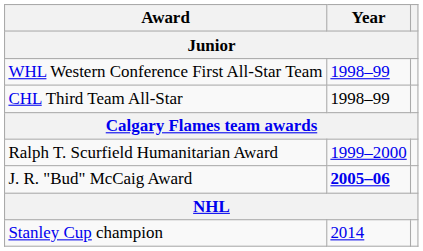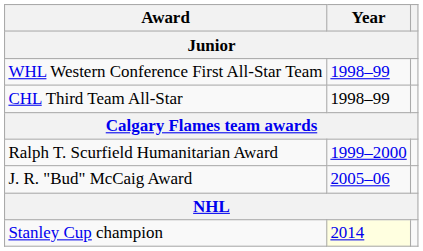 <table class="wikitable">
 <tr>
 <th>Award</th>
 <th>Year</th>
 <th></th>
 </tr>
 <tr>
 <th colspan="3">Junior</th>
 </tr>
 <tr>
 <td><a href='#'>WHL</a> Western Conference First All-Star Team</td>
 <td><a href='#'>1998–99</a></td>
 <td></td>
 </tr>
 <tr>
 <td><a href='#'>CHL</a> Third Team All-Star</td>
 <td>1998–99</td>
 <td></td>
 </tr>
 <tr>
 <th colspan="3"><a href='#'>Calgary Flames team awards</a></th>
 </tr>
 <tr>
 <td>Ralph T. Scurfield Humanitarian Award</td>
 <td><a href='#'>1999–2000</a></td>
 <td></td>
 </tr>
 <tr>
 <td>J. R. "Bud" McCaig Award</td>
-<td><strong><a href='#'>2005–06</a></strong></td>
+<td><a href='#'>2005–06</a></td>
 <td></td>
 </tr>
 <tr>
 <th colspan="3"><a href='#'>NHL</a></th>
 </tr>
 <tr>
 <td><a href='#'>Stanley Cup</a> champion</td>
-<td><a href='#'>2014</a></td>
+<td style="background: lightyellow;"><a href='#'>2014</a></td>
 <td></td>
 </tr>
 </table>
